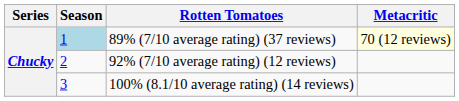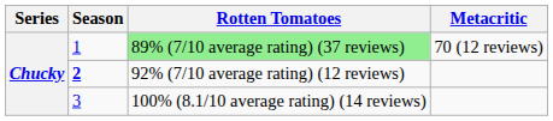 <table class="wikitable plainrowheaders">
 <tr>
 <th>Series</th>
 <th>Season</th>
 <th><a href='#'>Rotten Tomatoes</a></th>
 <th><a href='#'>Metacritic</a></th>
 </tr>
 <tr>
 <th rowspan="3"><a href='#'><em>Chucky</em></a></th>
-<td colspan="1" style="background: lightblue;"><a href='#'>1</a></td>
-<td>89% (7/10 average rating) (37 reviews)</td>
-<td style="background: lightyellow;">70 (12 reviews)</td>
+<td colspan="1"><a href='#'>1</a></td>
+<td style="background: lightgreen;">89% (7/10 average rating) (37 reviews)</td>
+<td>70 (12 reviews)</td>
 </tr>
 <tr>
-<td><a href='#'>2</a></td>
+<td><strong><a href='#'>2</a></strong></td>
 <td>92% (7/10 average rating) (12 reviews)</td>
 <td></td>
 </tr>
 <tr>
 <td><a href='#'>3</a></td>
 <td>100% (8.1/10 average rating) (14 reviews)</td>
 <td></td>
 </tr>
 </table>
